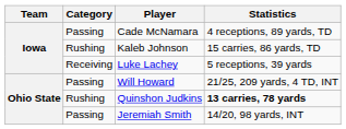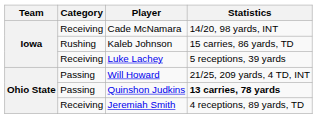 <table class="wikitable" style="float:right">
 <tr>
 <th>Team</th>
 <th>Category</th>
 <th>Player</th>
 <th>Statistics</th>
 </tr>
 <tr>
 <th rowspan=3>Iowa</th>
-<td>Passing</td>
+<td>Receiving</td>
 <td>Cade McNamara</td>
-<td>4 receptions, 89 yards, TD</td>
+<td>14/20, 98 yards, INT</td>
 </tr>
 <tr>
 <td>Rushing</td>
 <td>Kaleb Johnson</td>
 <td>15 carries, 86 yards, TD</td>
 </tr>
 <tr>
 <td>Receiving</td>
 <td><a href='#'>Luke Lachey</a></td>
 <td>5 receptions, 39 yards</td>
 </tr>
 <tr>
 <th rowspan=3>Ohio State</th>
 <td>Passing</td>
 <td><a href='#'>Will Howard</a></td>
 <td>21/25, 209 yards, 4 TD, INT</td>
 </tr>
 <tr>
-<td>Rushing</td>
+<td>Passing</td>
 <td><a href='#'>Quinshon Judkins</a></td>
 <td><strong>13 carries, 78 yards</strong></td>
 </tr>
 <tr>
-<td>Passing</td>
+<td>Receiving</td>
 <td><a href='#'>Jeremiah Smith</a></td>
-<td>14/20, 98 yards, INT</td>
+<td>4 receptions, 89 yards, TD</td>
 </tr>
 </table>
